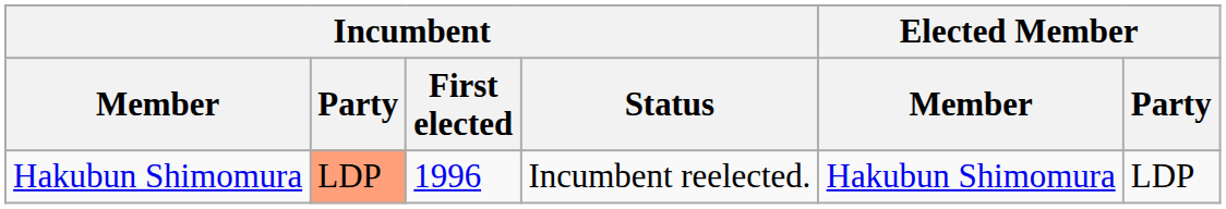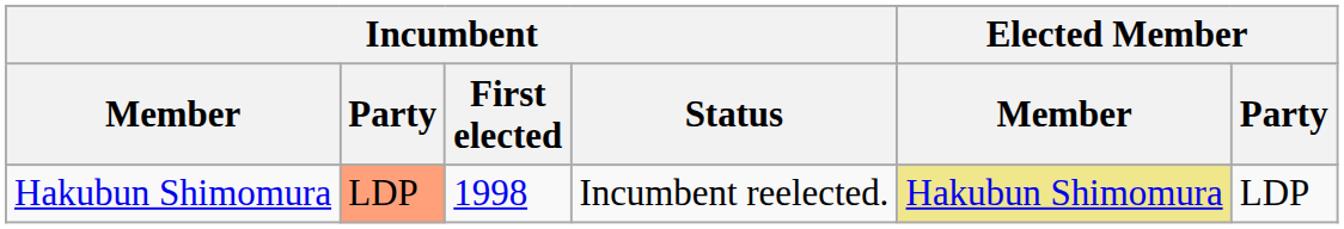 <table class="wikitable sortable">
 <tr>
 <th colspan=4>Incumbent</th>
 <th colspan=2>Elected Member</th>
 </tr>
 <tr>
 <th>Member</th>
 <th>Party</th>
 <th>First<br>elected</th>
 <th>Status</th>
 <th>Member</th>
 <th>Party</th>
 </tr>
 <tr>
 <td><a href='#'>Hakubun Shimomura</a></td>
 <td style="background: lightsalmon;">LDP</td>
-<td><a href='#'>1996</a></td>
+<td><a href='#'>1998</a></td>
 <td>Incumbent reelected.</td>
-<td><a href='#'>Hakubun Shimomura</a></td>
+<td style="background: khaki;"><a href='#'>Hakubun Shimomura</a></td>
 <td>LDP</td>
 </tr>
 </table>
